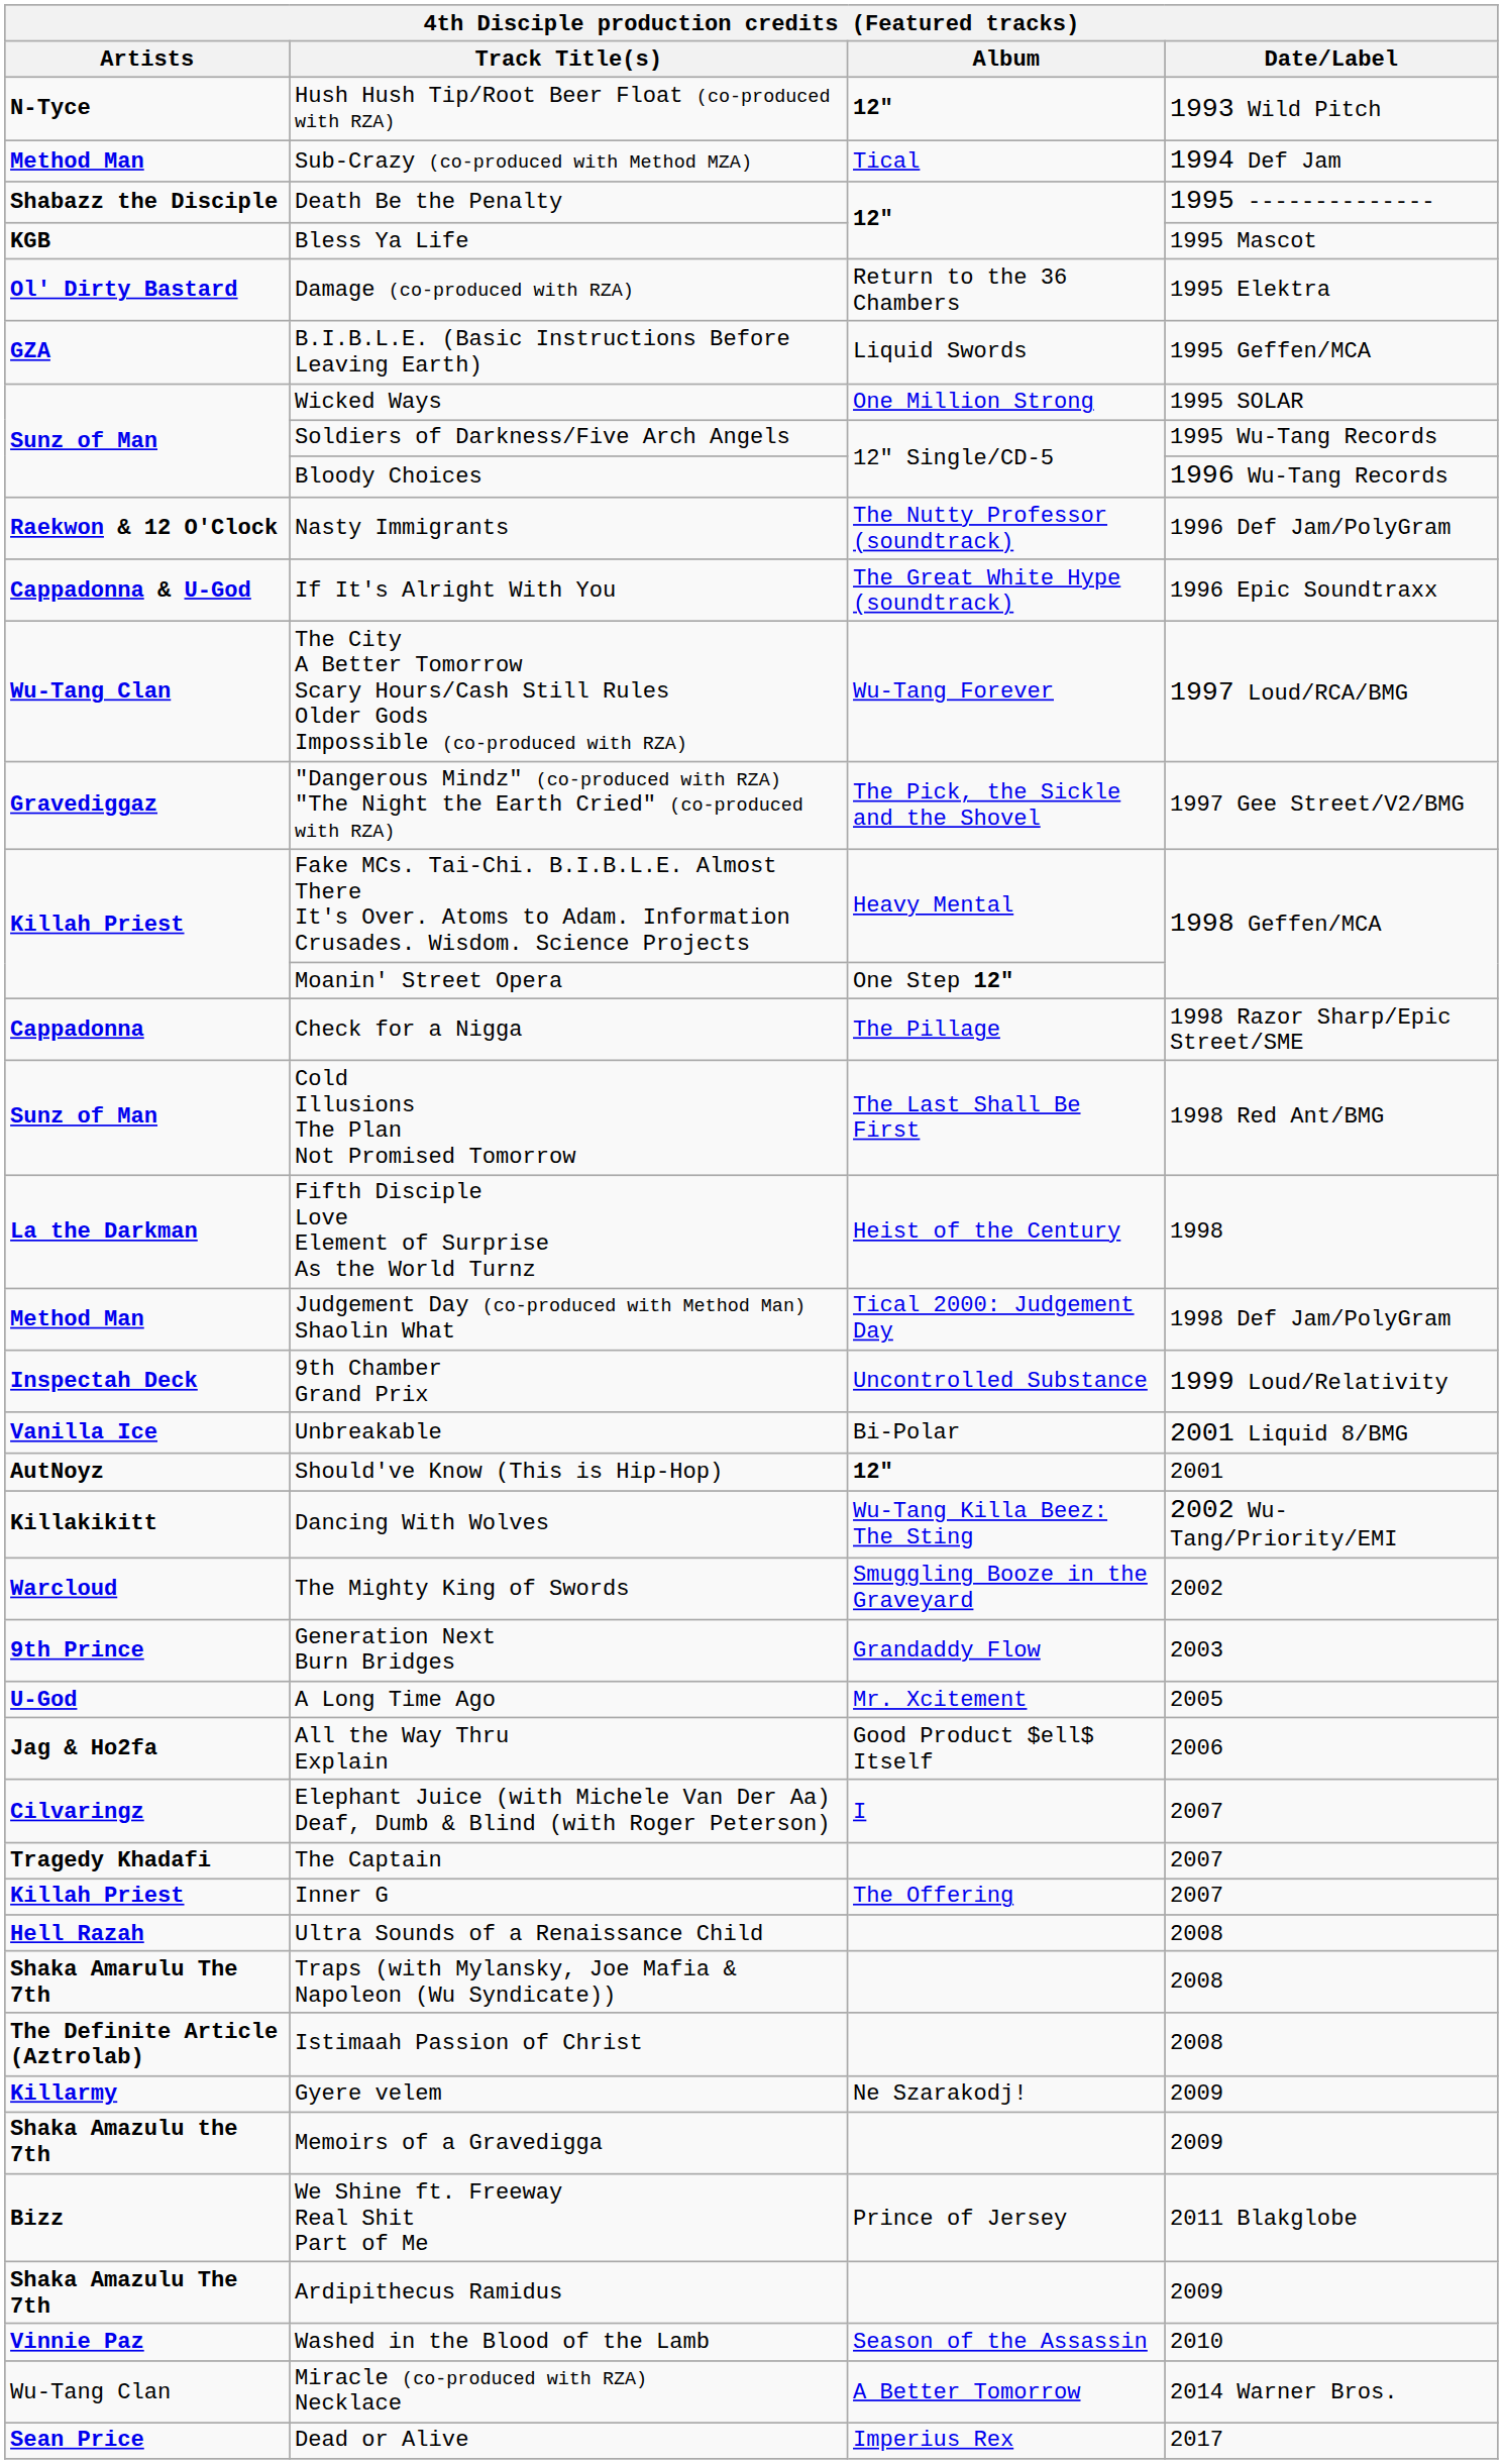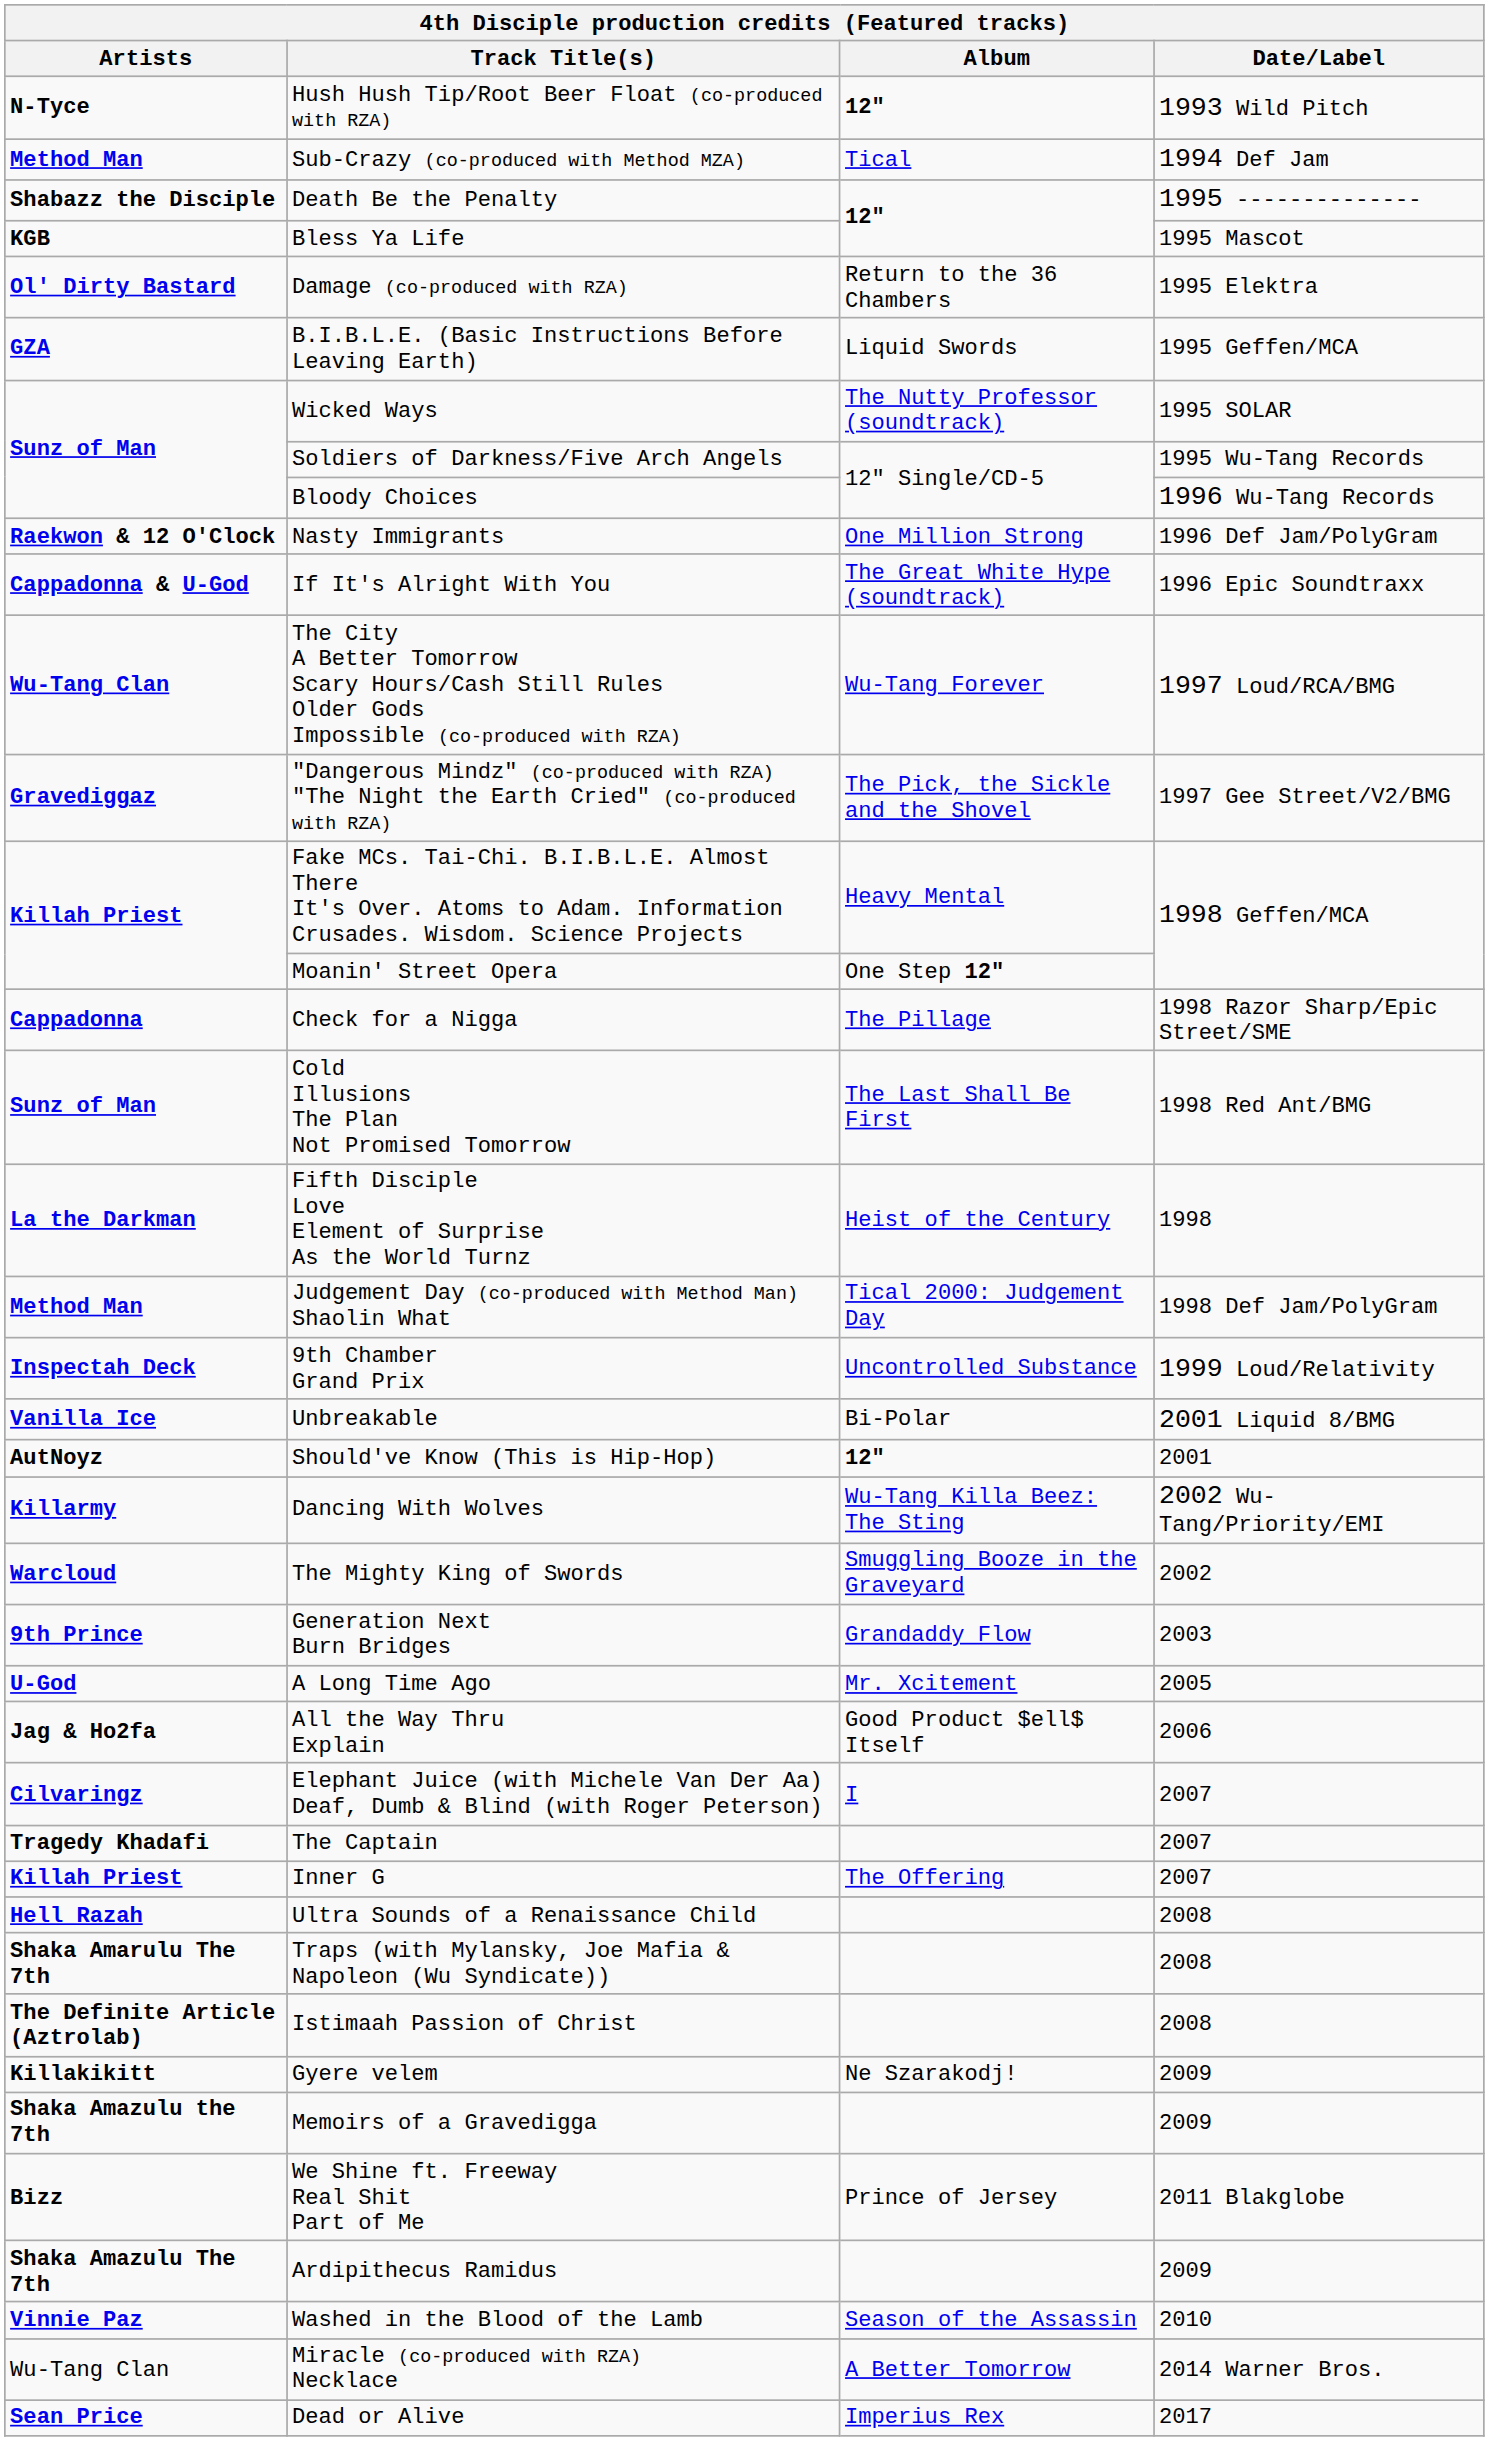 <table class="wikitable">
 <tr>
 <th colspan=4>4th Disciple production credits (Featured tracks)</th>
 </tr>
 <tr>
 <th>Artists</th>
 <th>Track Title(s)</th>
 <th>Album</th>
 <th>Date/Label</th>
 </tr>
 <tr>
 <td><strong>N-Tyce</strong></td>
 <td>Hush Hush Tip/Root Beer Float <small>(co-produced with RZA)</small></td>
 <td><strong>12"</strong></td>
 <td><big>1993</big> Wild Pitch</td>
 </tr>
 <tr>
 <td><strong><a href='#'>Method Man</a></strong></td>
 <td>Sub-Crazy <small>(co-produced with Method MZA)</small></td>
 <td><a href='#'>Tical</a></td>
 <td><big>1994</big> Def Jam</td>
 </tr>
 <tr>
 <td><strong>Shabazz the Disciple</strong></td>
 <td>Death Be the Penalty</td>
 <td rowspan="2"><strong>12"</strong></td>
 <td><big>1995</big> --------------</td>
 </tr>
 <tr>
 <td><strong>KGB</strong></td>
 <td>Bless Ya Life</td>
 <td>1995 Mascot</td>
 </tr>
 <tr>
 <td><strong><a href='#'>Ol' Dirty Bastard</a></strong></td>
 <td>Damage <small>(co-produced with RZA)</small></td>
 <td>Return to the 36 Chambers</td>
 <td>1995 Elektra</td>
 </tr>
 <tr>
 <td><strong><a href='#'>GZA</a></strong></td>
 <td>B.I.B.L.E. (Basic Instructions Before Leaving Earth)</td>
 <td>Liquid Swords</td>
 <td>1995 Geffen/MCA</td>
 </tr>
 <tr>
 <td rowspan="3"><strong><a href='#'>Sunz of Man</a></strong></td>
 <td>Wicked Ways</td>
-<td><a href='#'>One Million Strong</a></td>
+<td><a href='#'>The Nutty Professor (soundtrack)</a></td>
 <td>1995 SOLAR</td>
 </tr>
 <tr>
 <td>Soldiers of Darkness/Five Arch Angels</td>
 <td rowspan="2">12" Single/CD-5</td>
 <td>1995 Wu-Tang Records</td>
 </tr>
 <tr>
 <td>Bloody Choices</td>
 <td><big>1996</big> Wu-Tang Records</td>
 </tr>
 <tr>
 <td><strong><a href='#'>Raekwon</a> & 12 O'Clock</strong></td>
 <td>Nasty Immigrants</td>
-<td><a href='#'>The Nutty Professor (soundtrack)</a></td>
+<td><a href='#'>One Million Strong</a></td>
 <td>1996 Def Jam/PolyGram</td>
 </tr>
 <tr>
 <td><strong><a href='#'>Cappadonna</a> & <a href='#'>U-God</a></strong></td>
 <td>If It's Alright With You</td>
 <td><a href='#'>The Great White Hype (soundtrack)</a></td>
 <td>1996 Epic Soundtraxx</td>
 </tr>
 <tr>
 <td><strong><a href='#'>Wu-Tang Clan</a></strong></td>
 <td>The City<br>A Better Tomorrow<br>Scary Hours/Cash Still Rules<br>Older Gods<br>Impossible <small>(co-produced with RZA)</small></td>
 <td><a href='#'>Wu-Tang Forever</a></td>
 <td><big>1997</big> Loud/RCA/BMG</td>
 </tr>
 <tr>
 <td><strong><a href='#'>Gravediggaz</a></strong></td>
 <td>"Dangerous Mindz" <small>(co-produced with RZA)</small><br>"The Night the Earth Cried"  <small>(co-produced with RZA)</small></td>
 <td><a href='#'>The Pick, the Sickle and the Shovel</a></td>
 <td>1997 Gee Street/V2/BMG</td>
 </tr>
 <tr>
 <td rowspan="2"><strong><a href='#'>Killah Priest</a></strong></td>
 <td>Fake MCs.      Tai-Chi.             B.I.B.L.E.     Almost There<br>It's Over.      Atoms to Adam.    Information Crusades.       Wisdom.           Science Projects</td>
 <td><a href='#'>Heavy Mental</a></td>
 <td rowspan="2"><big>1998</big> Geffen/MCA</td>
 </tr>
 <tr>
 <td>Moanin'                        Street Opera</td>
 <td>One Step <strong>12"</strong></td>
 </tr>
 <tr>
 <td><strong><a href='#'>Cappadonna</a></strong></td>
 <td>Check for a Nigga</td>
 <td><a href='#'>The Pillage</a></td>
 <td>1998 Razor Sharp/Epic Street/SME</td>
 </tr>
 <tr>
 <td><strong><a href='#'>Sunz of Man</a></strong></td>
 <td>Cold<br>Illusions<br>The Plan<br>Not Promised Tomorrow</td>
 <td><a href='#'>The Last Shall Be First</a></td>
 <td>1998 Red Ant/BMG</td>
 </tr>
 <tr>
 <td><strong><a href='#'>La the Darkman</a></strong></td>
 <td>Fifth Disciple<br>Love<br>Element of Surprise<br>As the World Turnz</td>
 <td><a href='#'>Heist of the Century</a></td>
 <td>1998</td>
 </tr>
 <tr>
 <td><strong><a href='#'>Method Man</a></strong></td>
 <td>Judgement Day <small>(co-produced with Method Man)</small><br>Shaolin What</td>
 <td><a href='#'>Tical 2000: Judgement Day</a></td>
 <td>1998 Def Jam/PolyGram</td>
 </tr>
 <tr>
 <td><strong><a href='#'>Inspectah Deck</a></strong></td>
 <td>9th Chamber<br>Grand Prix</td>
 <td><a href='#'>Uncontrolled Substance</a></td>
 <td><big>1999</big> Loud/Relativity</td>
 </tr>
 <tr>
 <td><strong><a href='#'>Vanilla Ice</a></strong></td>
 <td>Unbreakable</td>
 <td>Bi-Polar</td>
 <td><big>2001</big> Liquid 8/BMG</td>
 </tr>
 <tr>
 <td><strong>AutNoyz</strong></td>
 <td>Should've Know (This is Hip-Hop)</td>
 <td><strong>12"</strong></td>
 <td>2001</td>
 </tr>
 <tr>
-<td><strong>Killakikitt</strong></td>
+<td><strong><a href='#'>Killarmy</a></strong></td>
 <td>Dancing With Wolves</td>
 <td><a href='#'>Wu-Tang Killa Beez: The Sting</a></td>
 <td><big>2002</big> Wu-Tang/Priority/EMI</td>
 </tr>
 <tr>
 <td><strong><a href='#'>Warcloud</a></strong></td>
 <td>The Mighty King of Swords</td>
 <td><a href='#'>Smuggling Booze in the Graveyard</a></td>
 <td>2002</td>
 </tr>
 <tr>
 <td><strong><a href='#'>9th Prince</a></strong></td>
 <td>Generation Next<br>Burn Bridges</td>
 <td><a href='#'>Grandaddy Flow</a></td>
 <td>2003</td>
 </tr>
 <tr>
 <td><strong><a href='#'>U-God</a></strong></td>
 <td>A Long Time Ago</td>
 <td><a href='#'>Mr. Xcitement</a></td>
 <td>2005</td>
 </tr>
 <tr>
 <td><strong>Jag & Ho2fa</strong></td>
 <td>All the Way Thru<br>Explain</td>
 <td>Good Product $ell$ Itself</td>
 <td>2006</td>
 </tr>
 <tr>
 <td><strong><a href='#'>Cilvaringz</a></strong></td>
 <td>Elephant Juice (with Michele Van Der Aa)<br>Deaf, Dumb & Blind (with Roger Peterson)</td>
 <td><a href='#'>I</a></td>
 <td>2007</td>
 </tr>
 <tr>
 <td><strong>Tragedy Khadafi</strong></td>
 <td>The Captain</td>
 <td></td>
 <td>2007</td>
 </tr>
 <tr>
 <td><strong><a href='#'>Killah Priest</a></strong></td>
 <td>Inner G</td>
 <td><a href='#'>The Offering</a></td>
 <td>2007</td>
 </tr>
 <tr>
 <td><strong><a href='#'>Hell Razah</a></strong></td>
 <td>Ultra Sounds of a Renaissance Child</td>
 <td></td>
 <td>2008</td>
 </tr>
 <tr>
 <td><strong>Shaka Amarulu The 7th</strong></td>
 <td>Traps (with Mylansky, Joe Mafia & Napoleon (Wu Syndicate))</td>
 <td></td>
 <td>2008</td>
 </tr>
 <tr>
 <td><strong>The Definite Article (Aztrolab)</strong></td>
 <td>Istimaah Passion of Christ</td>
 <td></td>
 <td>2008</td>
 </tr>
 <tr>
-<td><strong><a href='#'>Killarmy</a></strong></td>
+<td><strong>Killakikitt</strong></td>
 <td>Gyere velem</td>
 <td>Ne Szarakodj!</td>
 <td>2009</td>
 </tr>
 <tr>
 <td><strong>Shaka Amazulu the 7th</strong></td>
 <td>Memoirs of a Gravedigga</td>
 <td></td>
 <td>2009</td>
 </tr>
 <tr>
 <td><strong>Bizz</strong></td>
 <td>We Shine ft. Freeway<br>Real Shit<br>Part of Me</td>
 <td>Prince of Jersey</td>
 <td>2011 Blakglobe</td>
 </tr>
 <tr>
 <td><strong>Shaka Amazulu The 7th</strong></td>
 <td>Ardipithecus Ramidus</td>
 <td></td>
 <td>2009</td>
 </tr>
 <tr>
 <td><strong><a href='#'>Vinnie Paz</a></strong></td>
 <td>Washed in the Blood of the Lamb</td>
 <td><a href='#'>Season of the Assassin</a></td>
 <td>2010</td>
 </tr>
 <tr>
 <td>Wu-Tang Clan</td>
 <td>Miracle <small>(co-produced with RZA)</small><br>Necklace</td>
 <td><a href='#'>A Better Tomorrow</a></td>
 <td>2014 Warner Bros.</td>
 </tr>
 <tr>
 <td><strong><a href='#'>Sean Price</a></strong></td>
 <td>Dead or Alive</td>
 <td><a href='#'>Imperius Rex</a></td>
 <td>2017</td>
 </tr>
 </table>
